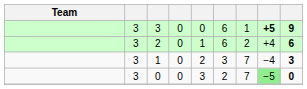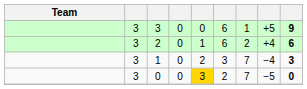 <table class="wikitable" style="text-align: center; font-size: 90%;">
 <tr>
 <th width="165">Team</th>
 <th width="25"></th>
 <th width="25"></th>
 <th width="25"></th>
 <th width="25"></th>
 <th width="25"></th>
 <th width="25"></th>
 <th width="25"></th>
 <th width="25"></th>
 </tr>
 <tr style="background:#ccffcc;">
 <td align=left></td>
 <td>3</td>
 <td>3</td>
 <td>0</td>
 <td>0</td>
 <td>6</td>
 <td>1</td>
-<td><strong>+5</strong></td>
+<td>+5</td>
 <td><strong>9</strong></td>
 </tr>
 <tr style="background:#ccffcc;">
 <td align=left></td>
 <td>3</td>
 <td>2</td>
 <td>0</td>
 <td>1</td>
 <td>6</td>
 <td>2</td>
 <td>+4</td>
 <td><strong>6</strong></td>
 </tr>
 <tr>
 <td align=left></td>
 <td>3</td>
 <td>1</td>
 <td>0</td>
 <td>2</td>
 <td>3</td>
 <td>7</td>
 <td>−4</td>
 <td><strong>3</strong></td>
 </tr>
 <tr>
 <td align=left></td>
 <td>3</td>
 <td>0</td>
 <td>0</td>
-<td>3</td>
+<td style="background: gold;">3</td>
 <td>2</td>
 <td>7</td>
-<td style="background: lightgreen;">−5</td>
+<td>−5</td>
 <td><strong>0</strong></td>
 </tr>
 <tr>
 </tr>
 </table>
